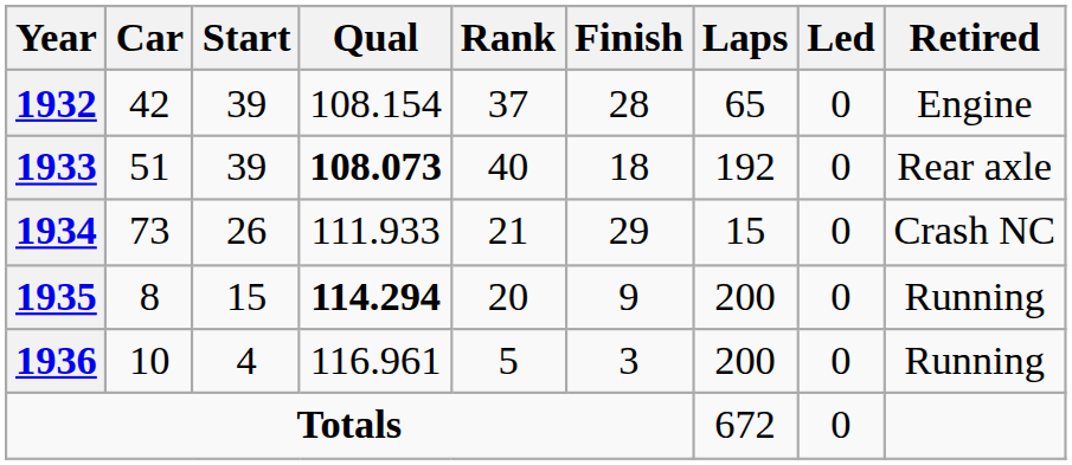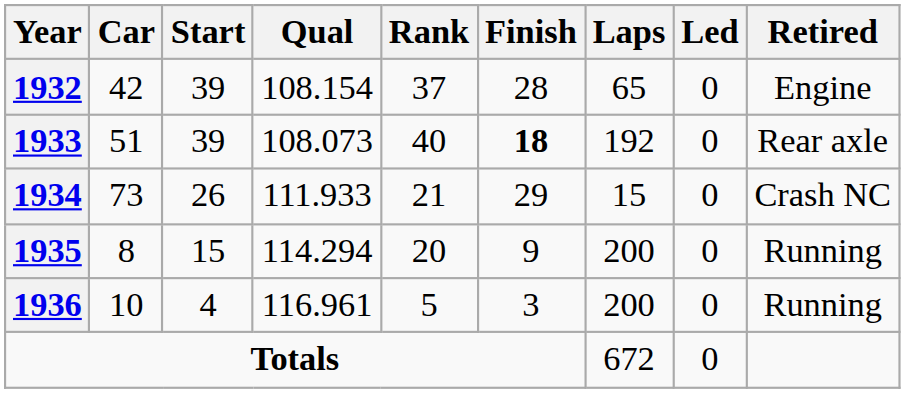 <table class="wikitable" style="text-align:center">
 <tr>
 <th>Year</th>
 <th>Car</th>
 <th>Start</th>
 <th>Qual</th>
 <th>Rank</th>
 <th>Finish</th>
 <th>Laps</th>
 <th>Led</th>
 <th>Retired</th>
 </tr>
 <tr>
 <th><a href='#'>1932</a></th>
 <td>42</td>
 <td>39</td>
 <td>108.154</td>
 <td>37</td>
 <td>28</td>
 <td>65</td>
 <td>0</td>
 <td>Engine</td>
 </tr>
 <tr>
 <th><a href='#'>1933</a></th>
 <td>51</td>
 <td>39</td>
-<td><strong>108.073</strong></td>
+<td>108.073</td>
 <td>40</td>
-<td>18</td>
+<td><strong>18</strong></td>
 <td>192</td>
 <td>0</td>
 <td>Rear axle</td>
 </tr>
 <tr>
 <th><a href='#'>1934</a></th>
 <td>73</td>
 <td>26</td>
 <td>111.933</td>
 <td>21</td>
 <td>29</td>
 <td>15</td>
 <td>0</td>
 <td>Crash NC</td>
 </tr>
 <tr>
 <th><a href='#'>1935</a></th>
 <td>8</td>
 <td>15</td>
-<td><strong>114.294</strong></td>
+<td>114.294</td>
 <td>20</td>
 <td>9</td>
 <td>200</td>
 <td>0</td>
 <td>Running</td>
 </tr>
 <tr>
 <th><a href='#'>1936</a></th>
 <td>10</td>
 <td>4</td>
 <td>116.961</td>
 <td>5</td>
 <td>3</td>
 <td>200</td>
 <td>0</td>
 <td>Running</td>
 </tr>
 <tr>
 <td colspan=6><strong>Totals</strong></td>
 <td>672</td>
 <td>0</td>
 <td></td>
 </tr>
 </table>
